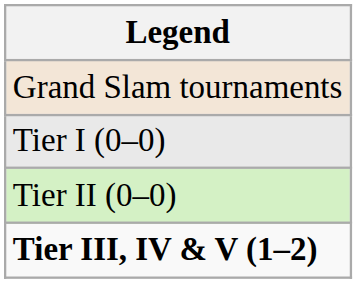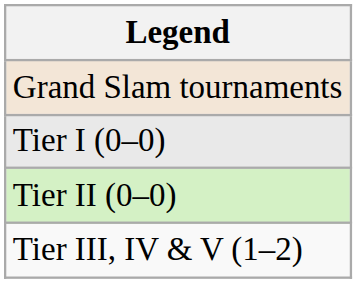 <table class=wikitable style=font-size:90%>
 <tr>
 <th>Legend</th>
 </tr>
 <tr>
 <td bgcolor=#f3e6d7>Grand Slam tournaments</td>
 </tr>
 <tr>
 <td bgcolor=#e9e9e9>Tier I (0–0)</td>
 </tr>
 <tr>
 <td bgcolor=#d4f1c5>Tier II (0–0)</td>
 </tr>
 <tr>
-<td><strong>Tier III, IV & V (1–2)</strong></td>
+<td>Tier III, IV & V (1–2)</td>
 </tr>
 </table>
